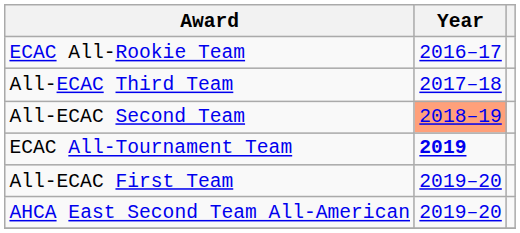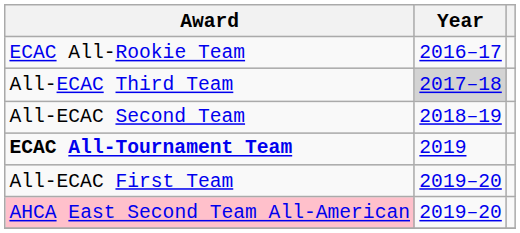 <table class="wikitable">
 <tr>
 <th>Award</th>
 <th>Year</th>
 <th></th>
 </tr>
 <tr>
 <td><a href='#'>ECAC</a> All-<a href='#'>Rookie Team</a></td>
 <td><a href='#'>2016–17</a></td>
 <td></td>
 </tr>
 <tr>
 <td>All-<a href='#'>ECAC</a> <a href='#'>Third Team</a></td>
-<td><a href='#'>2017–18</a></td>
+<td style="background: lightgrey;"><a href='#'>2017–18</a></td>
 <td></td>
 </tr>
 <tr>
 <td>All-ECAC <a href='#'>Second Team</a></td>
-<td style="background: lightsalmon;"><a href='#'>2018–19</a></td>
+<td><a href='#'>2018–19</a></td>
 <td></td>
 </tr>
 <tr>
-<td>ECAC <a href='#'>All-Tournament Team</a></td>
-<td><strong><a href='#'>2019</a></strong></td>
+<td><strong>ECAC <a href='#'>All-Tournament Team</a></strong></td>
+<td><a href='#'>2019</a></td>
 <td></td>
 </tr>
 <tr>
 <td>All-ECAC <a href='#'>First Team</a></td>
 <td><a href='#'>2019–20</a></td>
 <td></td>
 </tr>
 <tr>
-<td><a href='#'>AHCA</a> <a href='#'>East Second Team All-American</a></td>
+<td style="background: pink;"><a href='#'>AHCA</a> <a href='#'>East Second Team All-American</a></td>
 <td><a href='#'>2019–20</a></td>
 <td></td>
 </tr>
 <tr>
 </tr>
 </table>
